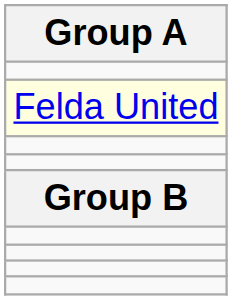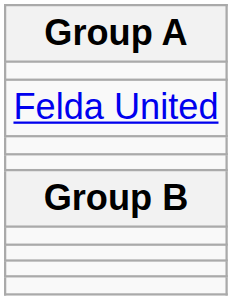 <table class="wikitable" style="text-align: centre;">
 <tr>
 <th>Group A</th>
 </tr>
 <tr>
 <td></td>
 </tr>
 <tr>
-<td style="background: lightyellow;"> <a href='#'>Felda United</a></td>
+<td> <a href='#'>Felda United</a></td>
 </tr>
 <tr>
 <td></td>
 </tr>
 <tr>
 <td></td>
 </tr>
 <tr>
 <th>Group B</th>
 </tr>
 <tr>
 <td></td>
 </tr>
 <tr>
 <td></td>
 </tr>
 <tr>
 <td></td>
 </tr>
 <tr>
 <td></td>
 </tr>
 </table>
